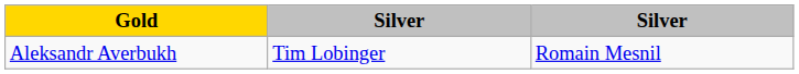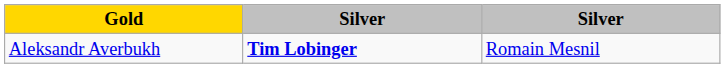 <table class="wikitable" style="text-align:left">
 <tr align="center">
 <td width=200 bgcolor=gold><strong>Gold</strong></td>
 <td width=200 bgcolor=silver><strong>Silver</strong></td>
 <td width=200 bgcolor=silver><strong>Silver</strong></td>
 </tr>
 <tr>
 <td><a href='#'>Aleksandr Averbukh</a><br><em></em></td>
-<td><a href='#'>Tim Lobinger</a><br><em></em></td>
+<td><strong><a href='#'>Tim Lobinger</a><br><em></em></strong></td>
 <td><a href='#'>Romain Mesnil</a><br><em></em></td>
 </tr>
 </table>
